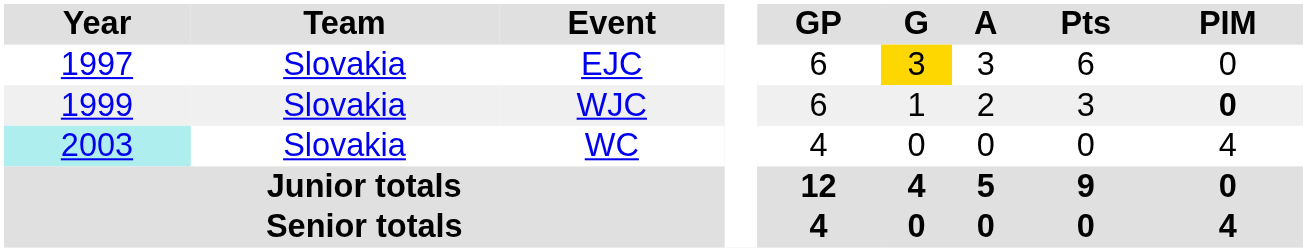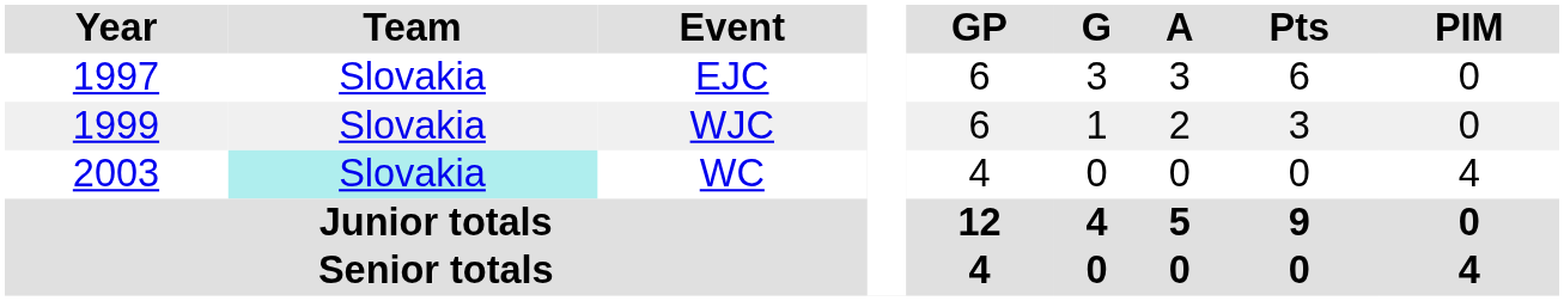 <table border="0" cellpadding="1" cellspacing="0" style="text-align:center; width:40em">
 <tr ALIGN="center" bgcolor="#e0e0e0">
 <th>Year</th>
 <th>Team</th>
 <th>Event</th>
 <th ALIGN="center" rowspan="99" bgcolor="#ffffff"> </th>
 <th>GP</th>
 <th>G</th>
 <th>A</th>
 <th>Pts</th>
 <th>PIM</th>
 </tr>
 <tr>
 <td><a href='#'>1997</a></td>
 <td><a href='#'>Slovakia</a></td>
 <td><a href='#'>EJC</a></td>
 <td>6</td>
-<td style="background: gold;">3</td>
+<td>3</td>
 <td>3</td>
 <td>6</td>
 <td>0</td>
 </tr>
 <tr bgcolor="#f0f0f0">
 <td><a href='#'>1999</a></td>
 <td><a href='#'>Slovakia</a></td>
 <td><a href='#'>WJC</a></td>
 <td>6</td>
 <td>1</td>
 <td>2</td>
 <td>3</td>
-<td><strong>0</strong></td>
+<td>0</td>
 </tr>
 <tr>
-<td style="background: paleturquoise;"><a href='#'>2003</a></td>
-<td><a href='#'>Slovakia</a></td>
+<td><a href='#'>2003</a></td>
+<td style="background: paleturquoise;"><a href='#'>Slovakia</a></td>
 <td><a href='#'>WC</a></td>
 <td>4</td>
 <td>0</td>
 <td>0</td>
 <td>0</td>
 <td>4</td>
 </tr>
 <tr bgcolor="#e0e0e0">
 <th colspan="3">Junior totals</th>
 <th>12</th>
 <th>4</th>
 <th>5</th>
 <th>9</th>
 <th>0</th>
 </tr>
 <tr bgcolor="#e0e0e0">
 <th colspan="3">Senior totals</th>
 <th>4</th>
 <th>0</th>
 <th>0</th>
 <th>0</th>
 <th>4</th>
 </tr>
 </table>
